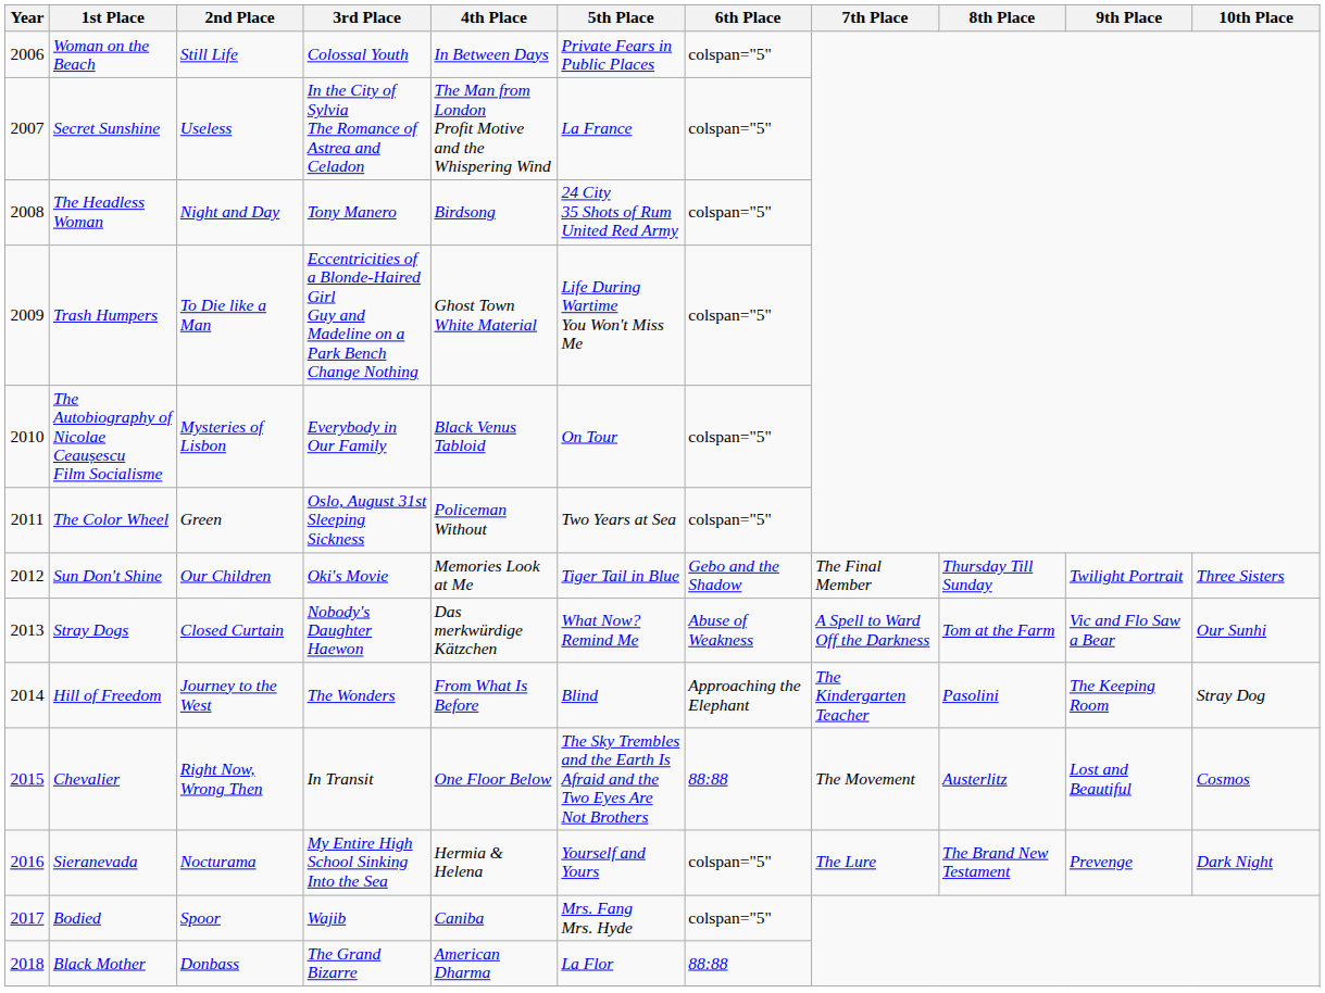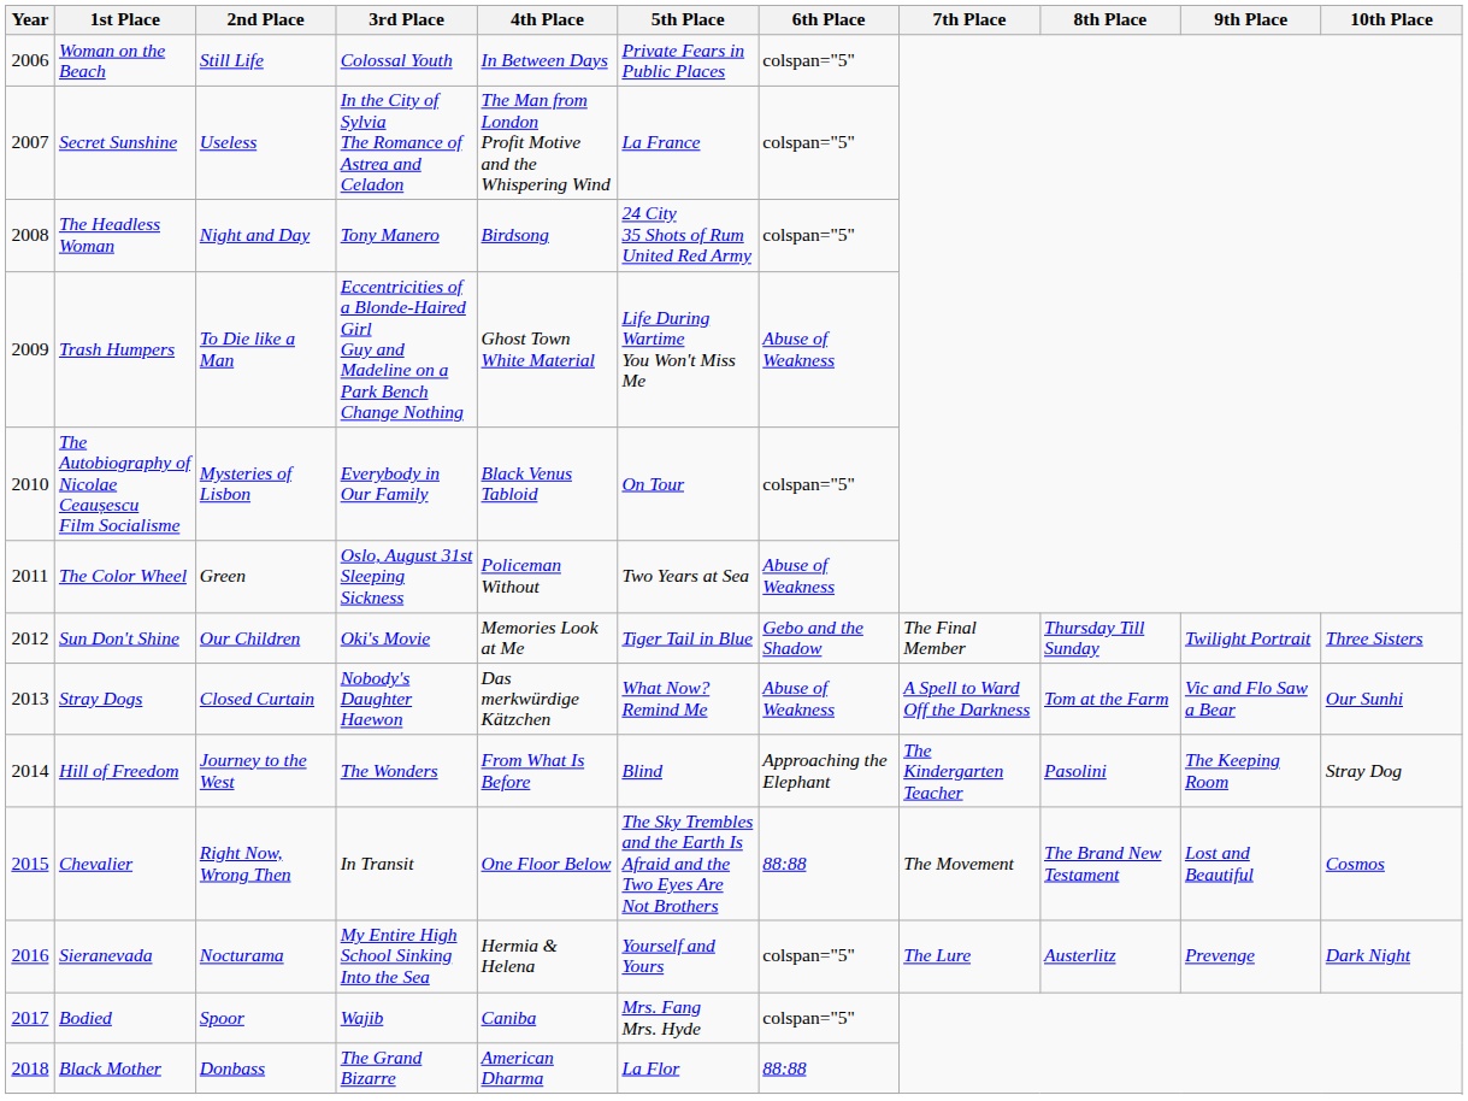 <table class="wikitable">
 <tr>
 <th scope="col" width="3%">Year</th>
 <th scope="col" width="9%">1st Place</th>
 <th scope="col" width="9%">2nd Place</th>
 <th scope="col" width="9%">3rd Place</th>
 <th scope="col" width="9%">4th Place</th>
 <th scope="col" width="9%">5th Place</th>
 <th scope="col" width="9%">6th Place</th>
 <th scope="col" width="9%">7th Place</th>
 <th scope="col" width="9%">8th Place</th>
 <th scope="col" width="9%">9th Place</th>
 <th scope="col" width="9%">10th Place</th>
 </tr>
 <tr>
 <td align="center">2006</td>
 <td><em><a href='#'>Woman on the Beach</a></em></td>
 <td><em><a href='#'>Still Life</a></em></td>
 <td><em><a href='#'>Colossal Youth</a></em></td>
 <td><em><a href='#'>In Between Days</a></em></td>
 <td><em><a href='#'>Private Fears in Public Places</a></em></td>
 <td>colspan="5" </td>
 </tr>
 <tr>
 <td align="center">2007</td>
 <td><em><a href='#'>Secret Sunshine</a></em></td>
 <td><em><a href='#'>Useless</a></em></td>
 <td><em><a href='#'>In the City of Sylvia</a></em><br><em><a href='#'>The Romance of Astrea and Celadon</a></em></td>
 <td><em><a href='#'>The Man from London</a></em><br><em>Profit Motive and the Whispering Wind</em></td>
 <td><em><a href='#'>La France</a></em></td>
 <td>colspan="5" </td>
 </tr>
 <tr>
 <td align="center">2008</td>
 <td><em><a href='#'>The Headless Woman</a></em></td>
 <td><em><a href='#'>Night and Day</a></em></td>
 <td><em><a href='#'>Tony Manero</a></em></td>
 <td><em><a href='#'>Birdsong</a></em></td>
 <td><em><a href='#'>24 City</a></em><br><em><a href='#'>35 Shots of Rum</a></em><br><em><a href='#'>United Red Army</a></em></td>
 <td>colspan="5" </td>
 </tr>
 <tr>
 <td align="center">2009</td>
 <td><em><a href='#'>Trash Humpers</a></em></td>
 <td><em><a href='#'>To Die like a Man</a></em></td>
 <td><em><a href='#'>Eccentricities of a Blonde-Haired Girl</a></em><br><em><a href='#'>Guy and Madeline on a Park Bench</a></em><br><em><a href='#'>Change Nothing</a></em></td>
 <td><em>Ghost Town</em><br><em><a href='#'>White Material</a></em></td>
 <td><em><a href='#'>Life During Wartime</a></em><br><em>You Won't Miss Me</em></td>
-<td>colspan="5" </td>
+<td><em><a href='#'>Abuse of Weakness</a></em></td>
 </tr>
 <tr>
 <td align="center">2010</td>
 <td><em><a href='#'>The Autobiography of Nicolae Ceaușescu</a></em><br><em><a href='#'>Film Socialisme</a></em></td>
 <td><em><a href='#'>Mysteries of Lisbon</a></em></td>
 <td><em><a href='#'>Everybody in Our Family</a></em></td>
 <td><em><a href='#'>Black Venus</a></em><br><em><a href='#'>Tabloid</a></em></td>
 <td><em><a href='#'>On Tour</a></em></td>
 <td>colspan="5" </td>
 </tr>
 <tr>
 <td align="center">2011</td>
 <td><em><a href='#'>The Color Wheel</a></em></td>
 <td><em>Green</em></td>
 <td><em><a href='#'>Oslo, August 31st</a></em><br><em><a href='#'>Sleeping Sickness</a></em></td>
 <td><em><a href='#'>Policeman</a></em><br><em>Without</em></td>
 <td><em>Two Years at Sea</em></td>
-<td>colspan="5" </td>
+<td><em><a href='#'>Abuse of Weakness</a></em></td>
 </tr>
 <tr>
 <td align="center">2012</td>
 <td><em><a href='#'>Sun Don't Shine</a></em></td>
 <td><em><a href='#'>Our Children</a></em></td>
 <td><em><a href='#'>Oki's Movie</a></em></td>
 <td><em>Memories Look at Me </em></td>
 <td><em><a href='#'>Tiger Tail in Blue</a></em></td>
 <td><em><a href='#'>Gebo and the Shadow</a></em></td>
 <td><em>The Final Member</em></td>
 <td><em><a href='#'>Thursday Till Sunday</a></em></td>
 <td><em><a href='#'>Twilight Portrait</a></em></td>
 <td><em><a href='#'>Three Sisters</a></em></td>
 </tr>
 <tr>
 <td align="center">2013</td>
 <td><em><a href='#'>Stray Dogs</a></em></td>
 <td><em><a href='#'>Closed Curtain</a></em></td>
 <td><em><a href='#'>Nobody's Daughter Haewon</a></em></td>
 <td><em>Das merkwürdige Kätzchen</em></td>
 <td><em><a href='#'>What Now? Remind Me</a></em></td>
 <td><em><a href='#'>Abuse of Weakness</a></em></td>
 <td><em><a href='#'>A Spell to Ward Off the Darkness</a></em></td>
 <td><em><a href='#'>Tom at the Farm</a></em></td>
 <td><em><a href='#'>Vic and Flo Saw a Bear</a></em></td>
 <td><em><a href='#'>Our Sunhi</a></em></td>
 </tr>
 <tr>
 <td align="center">2014</td>
 <td><em><a href='#'>Hill of Freedom</a></em></td>
 <td><em><a href='#'>Journey to the West</a></em></td>
 <td><em><a href='#'>The Wonders</a></em></td>
 <td><em><a href='#'>From What Is Before</a></em></td>
 <td><em><a href='#'>Blind</a></em></td>
 <td><em>Approaching the Elephant</em></td>
 <td><em><a href='#'>The Kindergarten Teacher</a></em></td>
 <td><em><a href='#'>Pasolini</a></em></td>
 <td><em><a href='#'>The Keeping Room</a></em></td>
 <td><em>Stray Dog</em></td>
 </tr>
 <tr>
 <td align="center"><a href='#'>2015</a></td>
 <td><em><a href='#'>Chevalier</a></em></td>
 <td><em><a href='#'>Right Now, Wrong Then</a></em></td>
 <td><em>In Transit</em></td>
 <td><em><a href='#'>One Floor Below</a></em></td>
 <td><em><a href='#'>The Sky Trembles and the Earth Is Afraid and the Two Eyes Are Not Brothers</a></em></td>
 <td><em><a href='#'>88:88</a></em></td>
 <td><em>The Movement</em></td>
-<td><em><a href='#'>Austerlitz</a></em></td>
+<td><em><a href='#'>The Brand New Testament</a></em></td>
 <td><em><a href='#'>Lost and Beautiful</a></em></td>
 <td><em><a href='#'>Cosmos</a></em></td>
 </tr>
 <tr>
 <td align="center"><a href='#'>2016</a></td>
 <td><em><a href='#'>Sieranevada</a></em></td>
 <td><em><a href='#'>Nocturama</a></em></td>
 <td><em><a href='#'>My Entire High School Sinking Into the Sea</a></em></td>
 <td><em>Hermia & Helena</em></td>
 <td><em><a href='#'>Yourself and Yours</a></em></td>
 <td>colspan="5" </td>
 <td><em><a href='#'>The Lure</a></em></td>
-<td><em><a href='#'>The Brand New Testament</a></em></td>
+<td><em><a href='#'>Austerlitz</a></em></td>
 <td><em><a href='#'>Prevenge</a></em></td>
 <td><em><a href='#'>Dark Night</a></em></td>
 </tr>
 <tr>
 <td align="center"><a href='#'>2017</a></td>
 <td><em><a href='#'>Bodied</a></em></td>
 <td><em><a href='#'>Spoor</a></em></td>
 <td><em><a href='#'>Wajib</a></em></td>
 <td><em><a href='#'>Caniba</a></em></td>
 <td><em><a href='#'>Mrs. Fang</a></em><br><em>Mrs. Hyde</em></td>
 <td>colspan="5" </td>
 </tr>
 <tr>
 <td align="center"><a href='#'>2018</a></td>
 <td><em><a href='#'>Black Mother</a></em></td>
 <td><em><a href='#'>Donbass</a></em></td>
 <td><em><a href='#'>The Grand Bizarre</a></em></td>
 <td><em><a href='#'>American Dharma</a></em></td>
 <td><em><a href='#'>La Flor</a></em></td>
 <td><em><a href='#'>88:88</a></em></td>
 </tr>
 <tr>
 </tr>
 </table>
